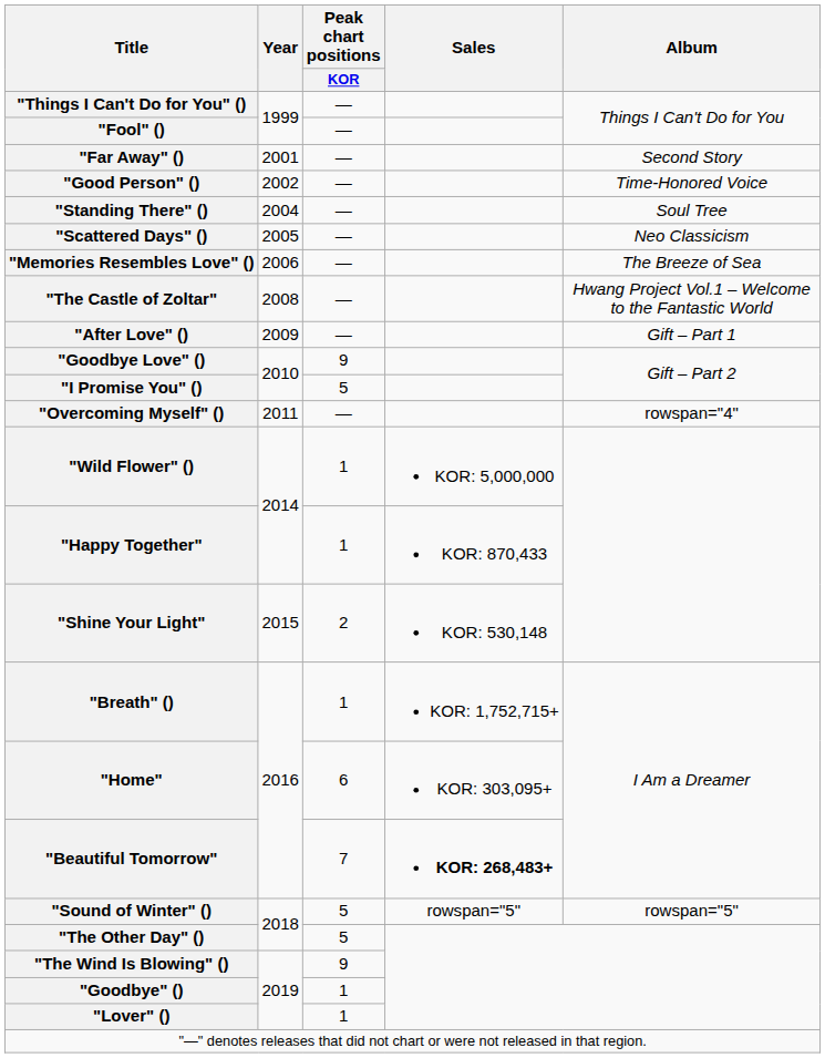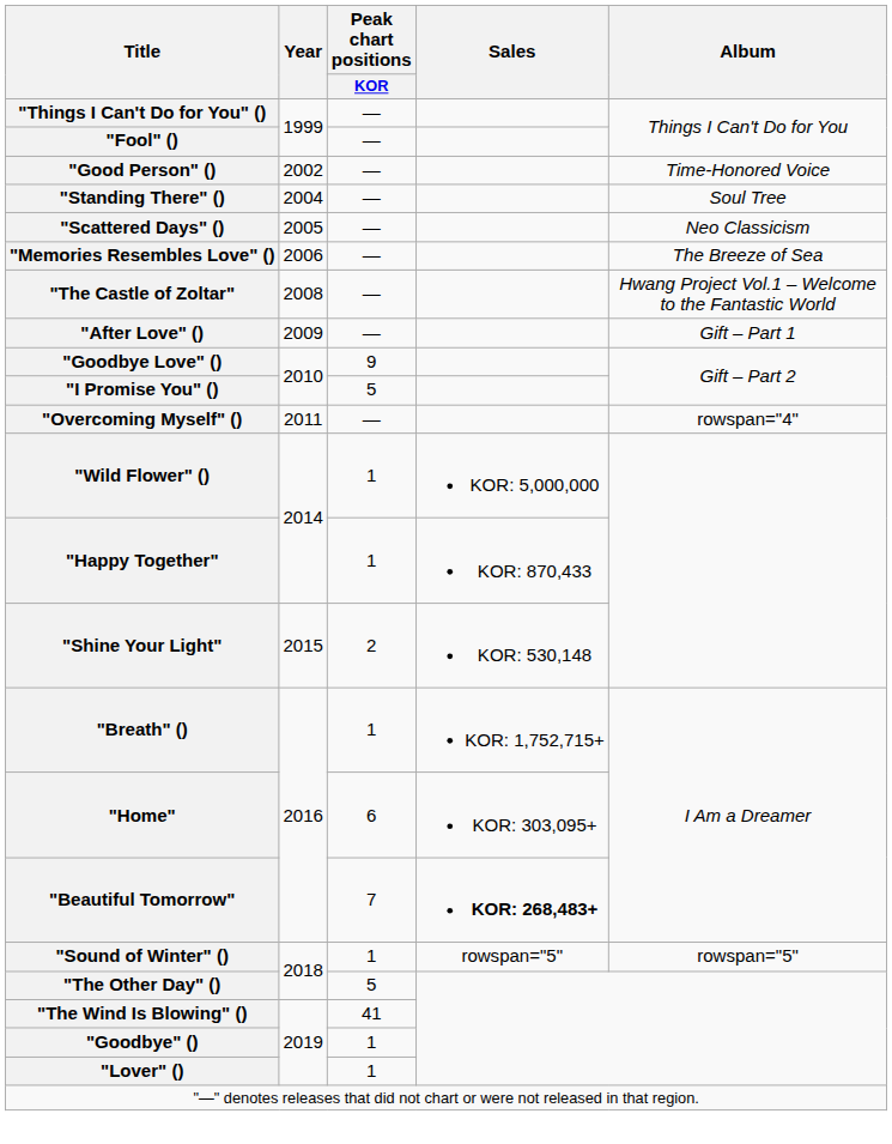 <table class="wikitable plainrowheaders" style="text-align:center;">
 <tr>
 <th scope="col" rowspan="2">Title</th>
 <th scope="col" rowspan="2">Year</th>
 <th scope="col" colspan="1">Peak chart positions</th>
 <th scope="col" rowspan="2">Sales</th>
 <th scope="col" rowspan="2" style="width:15em;">Album</th>
 </tr>
 <tr>
 <th scope="col" style="width:2.5em;font-size:85%;"><a href='#'>KOR</a><br></th>
 </tr>
 <tr>
 <th scope="row">"Things I Can't Do for You" ()</th>
 <td rowspan="2">1999</td>
 <td>—</td>
 <td></td>
 <td rowspan="2"><em>Things I Can't Do for You</em></td>
 </tr>
 <tr>
 <th scope="row">"Fool" ()</th>
 <td>—</td>
 <td></td>
-</tr>
-<tr>
-<th scope="row">"Far Away" ()</th>
-<td>2001</td>
-<td>—</td>
-<td></td>
-<td><em>Second Story</em></td>
 </tr>
 <tr>
 <th scope="row">"Good Person" ()</th>
 <td>2002</td>
 <td>—</td>
 <td></td>
 <td><em>Time-Honored Voice</em></td>
 </tr>
 <tr>
 <th scope="row">"Standing There" ()</th>
 <td>2004</td>
 <td>—</td>
 <td></td>
 <td><em>Soul Tree</em></td>
 </tr>
 <tr>
 <th scope="row">"Scattered Days" ()</th>
 <td>2005</td>
 <td>—</td>
 <td></td>
 <td><em>Neo Classicism</em></td>
 </tr>
 <tr>
 <th scope="row">"Memories Resembles Love" ()</th>
 <td>2006</td>
 <td>—</td>
 <td></td>
 <td><em>The Breeze of Sea</em></td>
 </tr>
 <tr>
 <th scope="row">"The Castle of Zoltar"</th>
 <td>2008</td>
 <td>—</td>
 <td></td>
 <td><em>Hwang Project Vol.1 – Welcome to the Fantastic World</em></td>
 </tr>
 <tr>
 <th scope="row">"After Love" ()</th>
 <td>2009</td>
 <td>—</td>
 <td></td>
 <td><em>Gift – Part 1</em></td>
 </tr>
 <tr>
 <th scope="row">"Goodbye Love" ()</th>
 <td rowspan="2">2010</td>
 <td>9</td>
 <td></td>
 <td rowspan="2"><em>Gift – Part 2</em></td>
 </tr>
 <tr>
 <th scope="row">"I Promise You" ()</th>
 <td>5</td>
 <td></td>
 </tr>
 <tr>
 <th scope="row">"Overcoming Myself" ()</th>
 <td>2011</td>
 <td>—</td>
 <td></td>
 <td>rowspan="4" </td>
 </tr>
 <tr>
 <th scope="row">"Wild Flower" ()</th>
 <td rowspan="2">2014</td>
 <td>1</td>
 <td><br><ul><li>KOR: 5,000,000</li></ul></td>
 </tr>
 <tr>
 <th scope="row">"Happy Together"</th>
 <td>1</td>
 <td><br><ul><li>KOR: 870,433</li></ul></td>
 </tr>
 <tr>
 <th scope="row">"Shine Your Light"</th>
 <td>2015</td>
 <td>2</td>
 <td><br><ul><li>KOR: 530,148</li></ul></td>
 </tr>
 <tr>
 <th scope="row">"Breath" ()</th>
 <td rowspan="3">2016</td>
 <td>1</td>
 <td><br><ul><li>KOR: 1,752,715+</li></ul></td>
 <td rowspan="3"><em>I Am a Dreamer</em></td>
 </tr>
 <tr>
 <th scope="row">"Home"</th>
 <td>6</td>
 <td><br><ul><li>KOR: 303,095+</li></ul></td>
 </tr>
 <tr>
 <th scope="row">"Beautiful Tomorrow"</th>
 <td>7</td>
 <td><strong><br><ul><li>KOR: 268,483+</li></ul></strong></td>
 </tr>
 <tr>
 <th scope="row">"Sound of Winter" ()</th>
 <td rowspan="2">2018</td>
-<td>5</td>
+<td>1</td>
 <td>rowspan="5" </td>
 <td>rowspan="5" </td>
 </tr>
 <tr>
 <th scope="row">"The Other Day" ()</th>
 <td>5</td>
 </tr>
 <tr>
 <th scope="row">"The Wind Is Blowing" ()</th>
 <td rowspan="3">2019</td>
-<td>9</td>
+<td>41</td>
 </tr>
 <tr>
 <th scope="row">"Goodbye" ()</th>
 <td>1</td>
 </tr>
 <tr>
 <th scope="row">"Lover" ()</th>
 <td>1</td>
 </tr>
 <tr>
 <td colspan="5" style="font-size:85%">"—" denotes releases that did not chart or were not released in that region.</td>
 </tr>
 </table>
